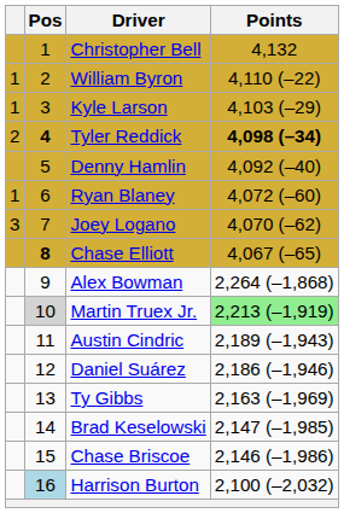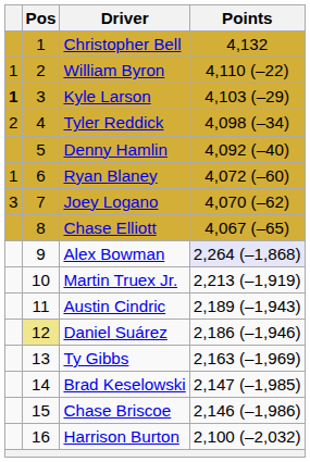 <table class="wikitable" style="font-size: 95%;">
 <tr>
 <th></th>
 <th>Pos</th>
 <th>Driver</th>
 <th>Points</th>
 </tr>
 <tr style="background:#D4AF37;">
 <td align="left"></td>
 <td style="text-align:center;">1</td>
 <td><a href='#'>Christopher Bell</a></td>
 <td style="text-align:center;">4,132</td>
 </tr>
 <tr style="background:#D4AF37;">
 <td align="left"> 1</td>
 <td style="text-align:center;">2</td>
 <td><a href='#'>William Byron</a></td>
 <td style="text-align:center;">4,110 (–22)</td>
 </tr>
 <tr style="background:#D4AF37;">
-<td align="left"> 1</td>
+<td align="left"><strong> 1</strong></td>
 <td style="text-align:center;">3</td>
 <td><a href='#'>Kyle Larson</a></td>
 <td style="text-align:center;">4,103 (–29)</td>
 </tr>
 <tr style="background:#D4AF37;">
 <td align="left"> 2</td>
-<td style="text-align:center;"><strong>4</strong></td>
+<td style="text-align:center;">4</td>
 <td><a href='#'>Tyler Reddick</a></td>
-<td style="text-align:center;"><strong>4,098 (–34)</strong></td>
+<td style="text-align:center;">4,098 (–34)</td>
 </tr>
 <tr style="background:#D4AF37;">
 <td align="left"></td>
 <td style="text-align:center;">5</td>
 <td><a href='#'>Denny Hamlin</a></td>
 <td style="text-align:center;">4,092 (–40)</td>
 </tr>
 <tr style="background:#D4AF37;">
 <td align="left"> 1</td>
 <td style="text-align:center;">6</td>
 <td><a href='#'>Ryan Blaney</a></td>
 <td style="text-align:center;">4,072 (–60)</td>
 </tr>
 <tr style="background:#D4AF37;">
 <td align="left"> 3</td>
 <td style="text-align:center;">7</td>
 <td><a href='#'>Joey Logano</a></td>
 <td style="text-align:center;">4,070 (–62)</td>
 </tr>
 <tr style="background:#D4AF37;">
 <td align="left"></td>
-<td style="text-align:center;"><strong>8</strong></td>
+<td style="text-align:center;">8</td>
 <td><a href='#'>Chase Elliott</a></td>
 <td style="text-align:center;">4,067 (–65)</td>
 </tr>
 <tr>
 <td align="left"></td>
 <td style="text-align:center;">9</td>
 <td><a href='#'>Alex Bowman</a></td>
-<td style="text-align:center;">2,264 (–1,868)</td>
+<td style="background: lavender; text-align:center;">2,264 (–1,868)</td>
 </tr>
 <tr>
 <td align="left"></td>
-<td style="background: lightgrey; text-align:center;">10</td>
+<td style="text-align:center;">10</td>
 <td><a href='#'>Martin Truex Jr.</a></td>
-<td style="background: lightgreen; text-align:center;">2,213 (–1,919)</td>
+<td style="text-align:center;">2,213 (–1,919)</td>
 </tr>
 <tr>
 <td align="left"></td>
 <td style="text-align:center;">11</td>
 <td><a href='#'>Austin Cindric</a></td>
 <td style="text-align:center;">2,189 (–1,943)</td>
 </tr>
 <tr>
 <td align="left"></td>
-<td style="text-align:center;">12</td>
+<td style="background: khaki; text-align:center;">12</td>
 <td><a href='#'>Daniel Suárez</a></td>
 <td style="text-align:center;">2,186 (–1,946)</td>
 </tr>
 <tr>
 <td align="left"></td>
 <td style="text-align:center;">13</td>
 <td><a href='#'>Ty Gibbs</a></td>
 <td style="text-align:center;">2,163 (–1,969)</td>
 </tr>
 <tr>
 <td align="left"></td>
 <td style="text-align:center;">14</td>
 <td><a href='#'>Brad Keselowski</a></td>
 <td style="text-align:center;">2,147 (–1,985)</td>
 </tr>
 <tr>
 <td align="left"></td>
 <td style="text-align:center;">15</td>
 <td><a href='#'>Chase Briscoe</a></td>
 <td style="text-align:center;">2,146 (–1,986)</td>
 </tr>
 <tr>
 <td align="left"></td>
-<td style="background: lightblue; text-align:center;">16</td>
+<td style="text-align:center;">16</td>
 <td><a href='#'>Harrison Burton</a></td>
 <td style="text-align:center;">2,100 (–2,032)</td>
 </tr>
 <tr class="sortbottom">
 <th colspan="9"></th>
 </tr>
 </table>
